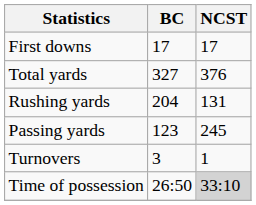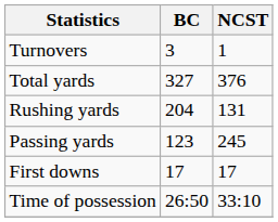 <table class="wikitable">
 <tr>
 <th>Statistics</th>
 <th>BC</th>
 <th>NCST</th>
 </tr>
 <tr>
-<td>First downs</td>
-<td>17</td>
-<td>17</td>
+<td>Turnovers</td>
+<td>3</td>
+<td>1</td>
 </tr>
 <tr>
 <td>Total yards</td>
 <td>327</td>
 <td>376</td>
 </tr>
 <tr>
 <td>Rushing yards</td>
 <td>204</td>
 <td>131</td>
 </tr>
 <tr>
 <td>Passing yards</td>
 <td>123</td>
 <td>245</td>
 </tr>
 <tr>
-<td>Turnovers</td>
-<td>3</td>
-<td>1</td>
+<td>First downs</td>
+<td>17</td>
+<td>17</td>
 </tr>
 <tr>
 <td>Time of possession</td>
 <td>26:50</td>
-<td style="background: lightgrey;">33:10</td>
+<td>33:10</td>
 </tr>
 <tr>
 </tr>
 </table>
